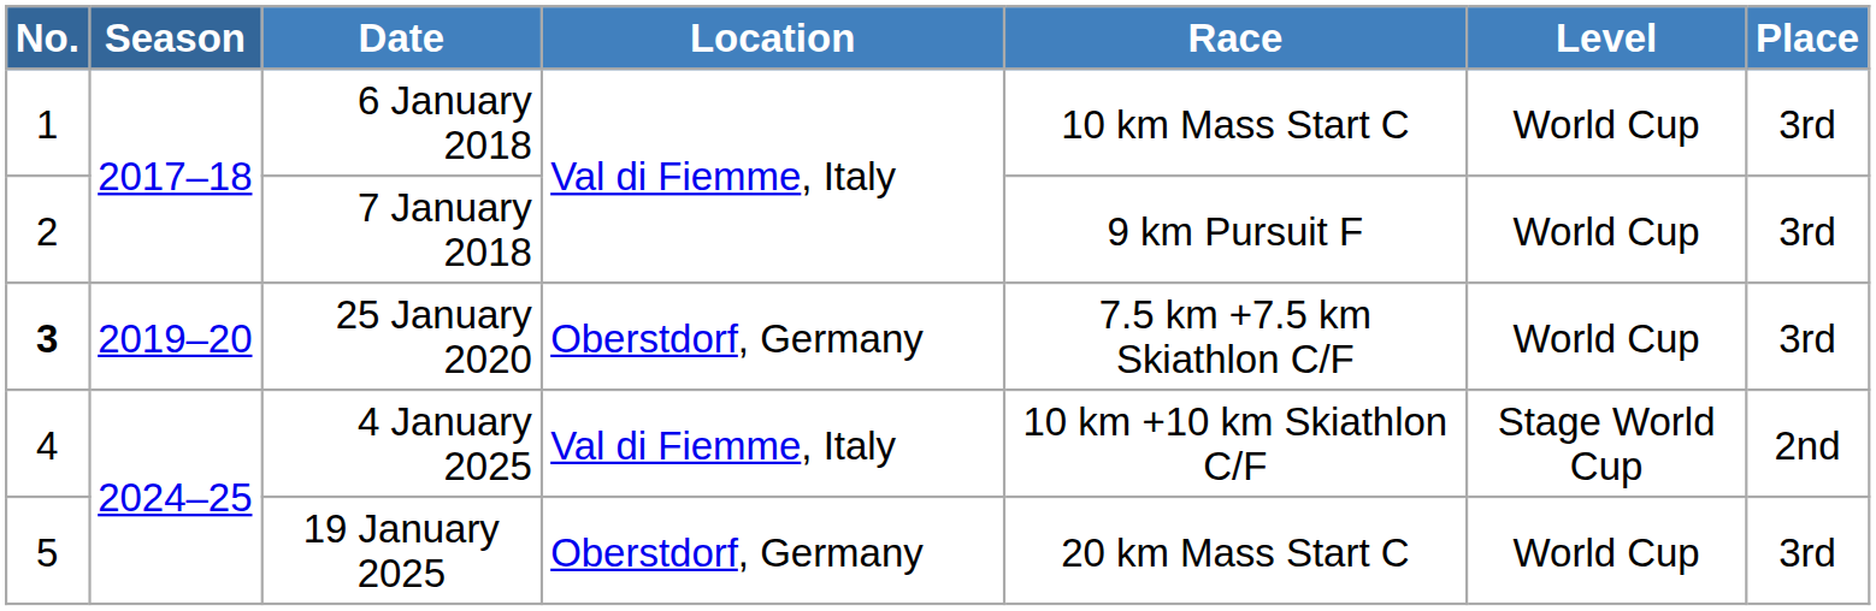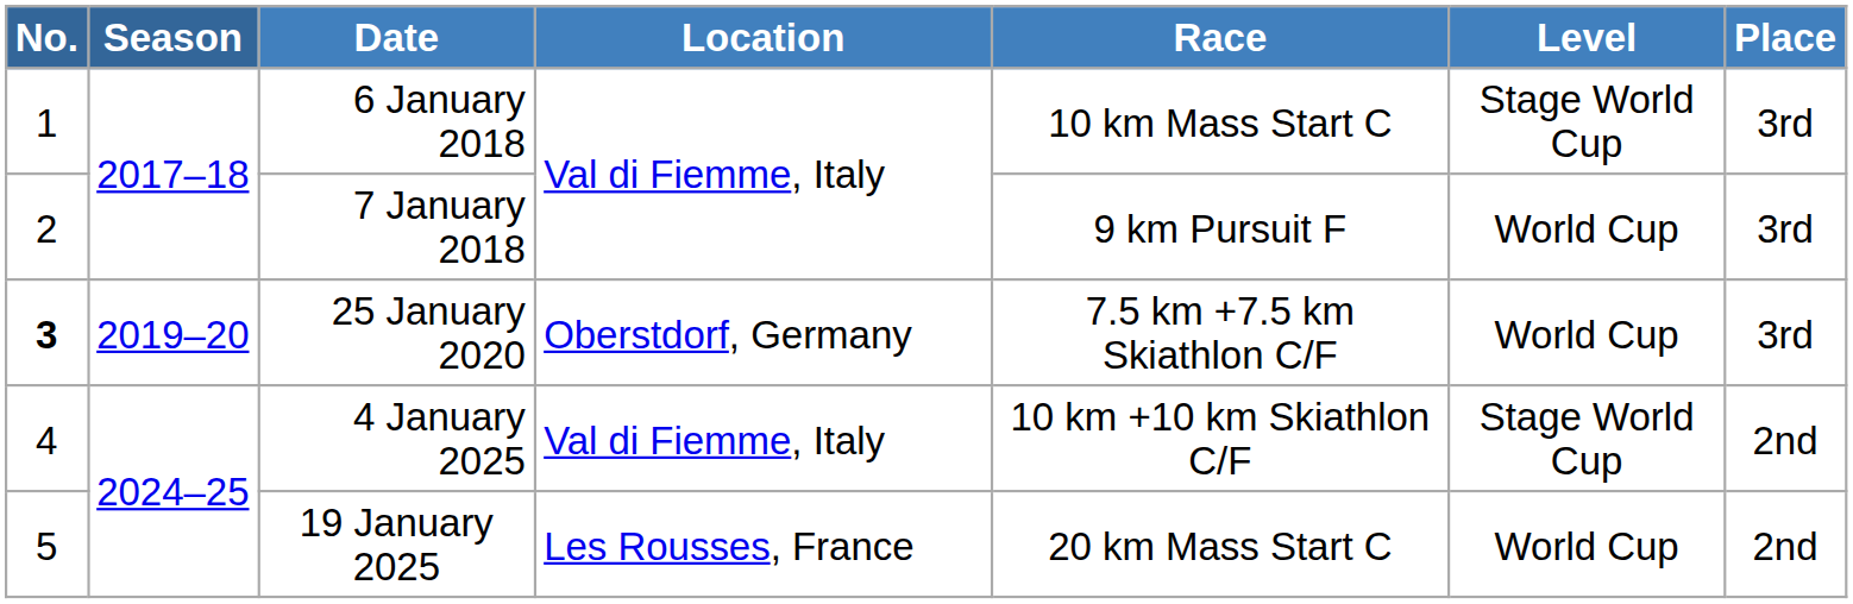 <table class="wikitable sortable" style="font-size:95%; text-align:center; border:grey solid 1px; border-collapse:collapse; background:#ffffff;">
 <tr style="background:#efefef;">
 <th style="background-color:#369; color:white;">No.</th>
 <th style="background-color:#369; color:white;">Season</th>
 <th style="background-color:#4180be; color:white; width:100px;">Date</th>
 <th style="background-color:#4180be; color:white; width:170px;">Location</th>
 <th style="background-color:#4180be; color:white; width:170px;">Race</th>
 <th style="background-color:#4180be; color:white; width:100px;">Level</th>
 <th style="background-color:#4180be; color:white;">Place</th>
 </tr>
 <tr>
 <td align=center>1</td>
 <td rowspan=2 align=center><a href='#'>2017–18</a></td>
 <td align=right>6 January 2018</td>
 <td rowspan=2 align=left> <a href='#'>Val di Fiemme</a>, Italy</td>
 <td>10 km Mass Start C</td>
-<td>World Cup</td>
+<td>Stage World Cup</td>
 <td>3rd</td>
 </tr>
 <tr>
 <td align=center>2</td>
 <td align=right>7 January 2018</td>
 <td>9 km Pursuit F</td>
 <td>World Cup</td>
 <td>3rd</td>
 </tr>
 <tr>
 <td align=center><strong>3</strong></td>
 <td align=center><a href='#'>2019–20</a></td>
 <td align=right>25 January 2020</td>
 <td align=left> <a href='#'>Oberstdorf</a>, Germany</td>
 <td>7.5 km +7.5 km Skiathlon C/F</td>
 <td>World Cup</td>
 <td>3rd</td>
 </tr>
 <tr>
 <td align=center>4</td>
 <td rowspan=2 align=center><a href='#'>2024–25</a></td>
 <td align=right>4 January 2025</td>
 <td rowspan=1 align=left> <a href='#'>Val di Fiemme</a>, Italy</td>
 <td>10 km +10 km Skiathlon C/F</td>
 <td>Stage World Cup</td>
 <td>2nd</td>
 </tr>
 <tr>
 <td align=center>5</td>
 <td>19 January 2025</td>
-<td align=left> <a href='#'>Oberstdorf</a>, Germany</td>
+<td align=left> <a href='#'>Les Rousses</a>, France</td>
 <td>20 km Mass Start C</td>
 <td>World Cup</td>
-<td>3rd</td>
+<td>2nd</td>
 </tr>
 </table>
